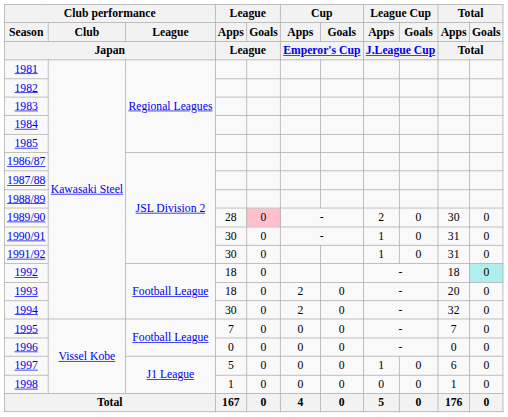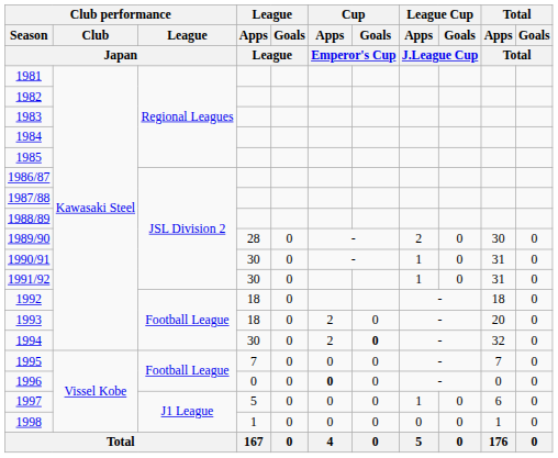 <table class="wikitable" style="text-align:center;">
 <tr>
 <th colspan=3>Club performance</th>
 <th colspan=2>League</th>
 <th colspan=2>Cup</th>
 <th colspan=2>League Cup</th>
 <th colspan=2>Total</th>
 </tr>
 <tr>
 <th>Season</th>
 <th>Club</th>
 <th>League</th>
 <th>Apps</th>
 <th>Goals</th>
 <th>Apps</th>
 <th>Goals</th>
 <th>Apps</th>
 <th>Goals</th>
 <th>Apps</th>
 <th>Goals</th>
 </tr>
 <tr>
 <th colspan=3>Japan</th>
 <th colspan=2>League</th>
 <th colspan=2><a href='#'>Emperor's Cup</a></th>
 <th colspan=2><a href='#'>J.League Cup</a></th>
 <th colspan=2>Total</th>
 </tr>
 <tr>
 <td><a href='#'>1981</a></td>
 <td rowspan="14"><a href='#'>Kawasaki Steel</a></td>
 <td rowspan="5"><a href='#'>Regional Leagues</a></td>
 <td></td>
 <td></td>
 <td></td>
 <td></td>
 <td></td>
 <td></td>
 <td></td>
 <td></td>
 </tr>
 <tr>
 <td><a href='#'>1982</a></td>
 <td></td>
 <td></td>
 <td></td>
 <td></td>
 <td></td>
 <td></td>
 <td></td>
 <td></td>
 </tr>
 <tr>
 <td><a href='#'>1983</a></td>
 <td></td>
 <td></td>
 <td></td>
 <td></td>
 <td></td>
 <td></td>
 <td></td>
 <td></td>
 </tr>
 <tr>
 <td><a href='#'>1984</a></td>
 <td></td>
 <td></td>
 <td></td>
 <td></td>
 <td></td>
 <td></td>
 <td></td>
 <td></td>
 </tr>
 <tr>
 <td><a href='#'>1985</a></td>
 <td></td>
 <td></td>
 <td></td>
 <td></td>
 <td></td>
 <td></td>
 <td></td>
 <td></td>
 </tr>
 <tr>
 <td><a href='#'>1986/87</a></td>
 <td rowspan="6"><a href='#'>JSL Division 2</a></td>
 <td></td>
 <td></td>
 <td></td>
 <td></td>
 <td></td>
 <td></td>
 <td></td>
 <td></td>
 </tr>
 <tr>
 <td><a href='#'>1987/88</a></td>
 <td></td>
 <td></td>
 <td></td>
 <td></td>
 <td></td>
 <td></td>
 <td></td>
 <td></td>
 </tr>
 <tr>
 <td><a href='#'>1988/89</a></td>
 <td></td>
 <td></td>
 <td></td>
 <td></td>
 <td></td>
 <td></td>
 <td></td>
 <td></td>
 </tr>
 <tr>
 <td><a href='#'>1989/90</a></td>
 <td>28</td>
-<td style="background: pink;">0</td>
+<td>0</td>
 <td colspan="2">-</td>
 <td>2</td>
 <td>0</td>
 <td>30</td>
 <td>0</td>
 </tr>
 <tr>
 <td><a href='#'>1990/91</a></td>
 <td>30</td>
 <td>0</td>
 <td colspan="2">-</td>
 <td>1</td>
 <td>0</td>
 <td>31</td>
 <td>0</td>
 </tr>
 <tr>
 <td><a href='#'>1991/92</a></td>
 <td>30</td>
 <td>0</td>
 <td></td>
 <td></td>
 <td>1</td>
 <td>0</td>
 <td>31</td>
 <td>0</td>
 </tr>
 <tr>
 <td><a href='#'>1992</a></td>
 <td rowspan="3"><a href='#'>Football League</a></td>
 <td>18</td>
 <td>0</td>
 <td></td>
 <td></td>
 <td colspan="2">-</td>
 <td>18</td>
-<td style="background: paleturquoise;">0</td>
+<td>0</td>
 </tr>
 <tr>
 <td><a href='#'>1993</a></td>
 <td>18</td>
 <td>0</td>
 <td>2</td>
 <td>0</td>
 <td colspan="2">-</td>
 <td>20</td>
 <td>0</td>
 </tr>
 <tr>
 <td><a href='#'>1994</a></td>
 <td>30</td>
 <td>0</td>
 <td>2</td>
-<td>0</td>
+<td><strong>0</strong></td>
 <td colspan="2">-</td>
 <td>32</td>
 <td>0</td>
 </tr>
 <tr>
 <td><a href='#'>1995</a></td>
 <td rowspan="4"><a href='#'>Vissel Kobe</a></td>
 <td rowspan="2"><a href='#'>Football League</a></td>
 <td>7</td>
 <td>0</td>
 <td>0</td>
 <td>0</td>
 <td colspan="2">-</td>
 <td>7</td>
 <td>0</td>
 </tr>
 <tr>
 <td><a href='#'>1996</a></td>
 <td>0</td>
 <td>0</td>
-<td>0</td>
+<td><strong>0</strong></td>
 <td>0</td>
 <td colspan="2">-</td>
 <td>0</td>
 <td>0</td>
 </tr>
 <tr>
 <td><a href='#'>1997</a></td>
 <td rowspan="2"><a href='#'>J1 League</a></td>
 <td>5</td>
 <td>0</td>
 <td>0</td>
 <td>0</td>
 <td>1</td>
 <td>0</td>
 <td>6</td>
 <td>0</td>
 </tr>
 <tr>
 <td><a href='#'>1998</a></td>
 <td>1</td>
 <td>0</td>
 <td>0</td>
 <td>0</td>
 <td>0</td>
 <td>0</td>
 <td>1</td>
 <td>0</td>
 </tr>
 <tr>
 <th colspan=3>Total</th>
 <th>167</th>
 <th>0</th>
 <th>4</th>
 <th>0</th>
 <th>5</th>
 <th>0</th>
 <th>176</th>
 <th>0</th>
 </tr>
 </table>
